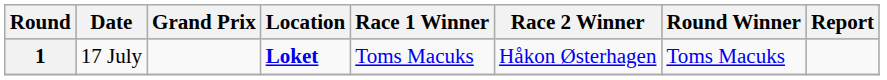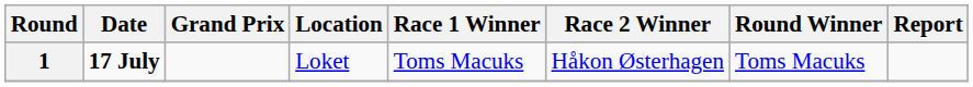 <table class="wikitable" style="font-size: 85%;">
 <tr>
 <th>Round</th>
 <th>Date</th>
 <th>Grand Prix</th>
 <th>Location</th>
 <th>Race 1 Winner</th>
 <th>Race 2 Winner</th>
 <th>Round Winner</th>
 <th>Report</th>
 </tr>
 <tr>
 <th>1</th>
-<td>17 July</td>
+<td><strong>17 July</strong></td>
 <td></td>
-<td><strong><a href='#'>Loket</a></strong></td>
+<td><a href='#'>Loket</a></td>
 <td> <a href='#'>Toms Macuks</a></td>
 <td> <a href='#'>Håkon Østerhagen</a></td>
 <td> <a href='#'>Toms Macuks</a></td>
 <td></td>
 </tr>
 <tr>
 </tr>
 </table>
